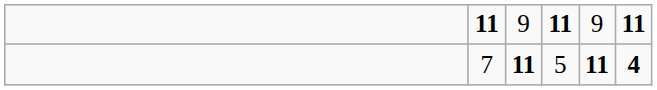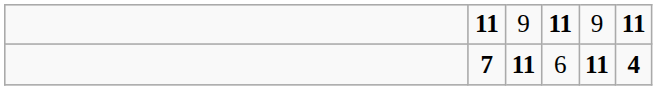 <table class="wikitable">
 <tr>
 <td style="width:18em"></td>
 <td align=center style="width:1em"><strong>11</strong></td>
 <td align=center style="width:1em">9</td>
 <td align=center style="width:1em"><strong>11</strong></td>
 <td align=center style="width:1em">9</td>
 <td align=center style="width:1em"><strong>11</strong></td>
 </tr>
 <tr>
 <td style="width:18em"></td>
-<td align=center style="width:1em">7</td>
+<td align=center style="width:1em"><strong>7</strong></td>
 <td align=center style="width:1em"><strong>11</strong></td>
-<td align=center style="width:1em">5</td>
+<td align=center style="width:1em">6</td>
 <td align=center style="width:1em"><strong>11</strong></td>
 <td align=center style="width:1em"><strong>4</strong></td>
 </tr>
 </table>
